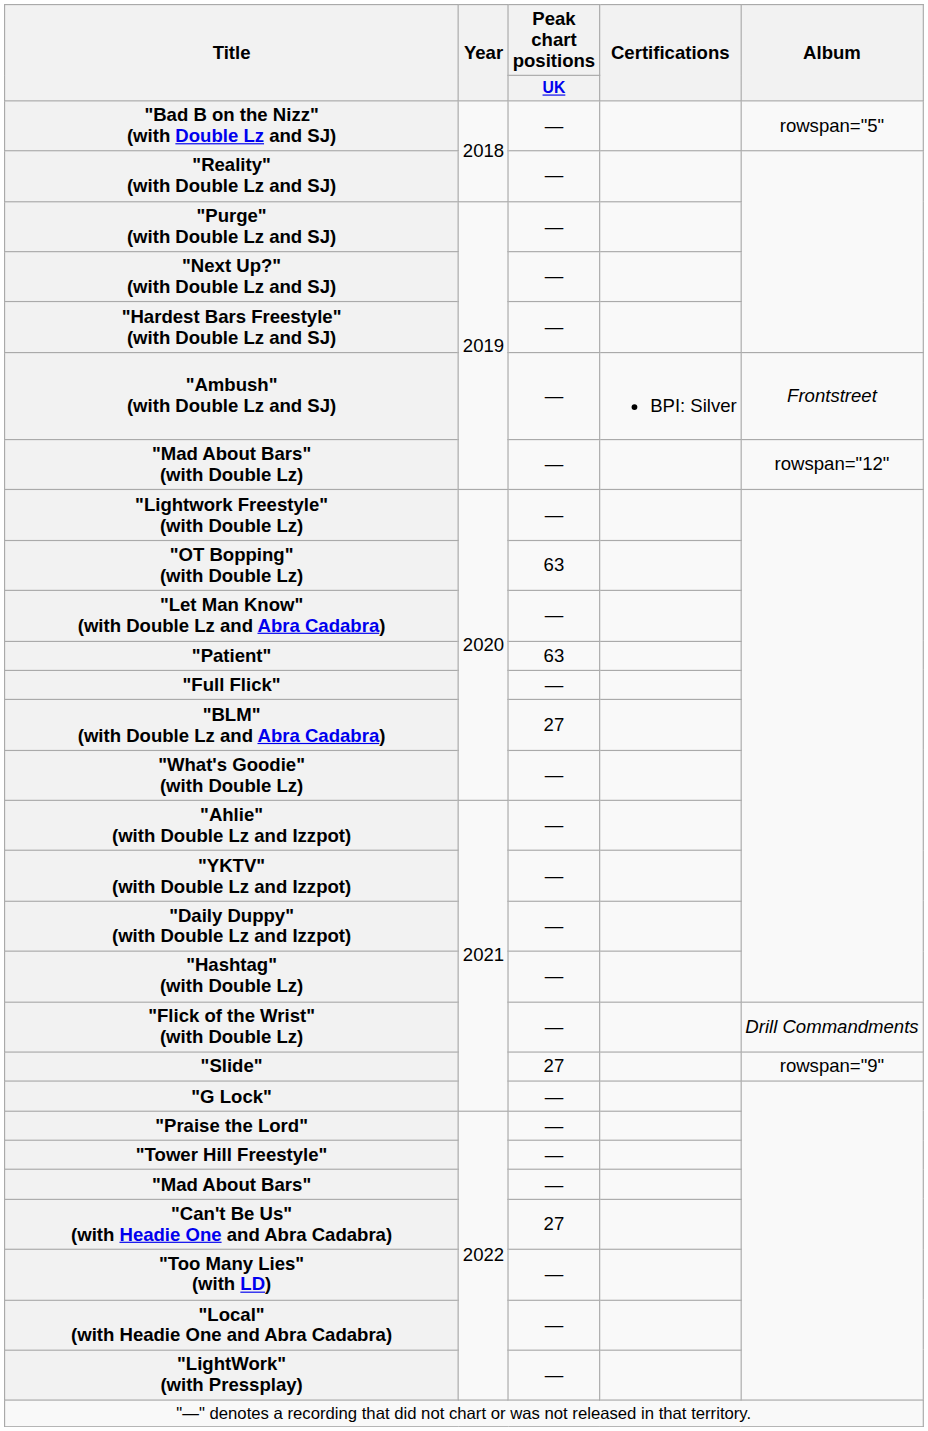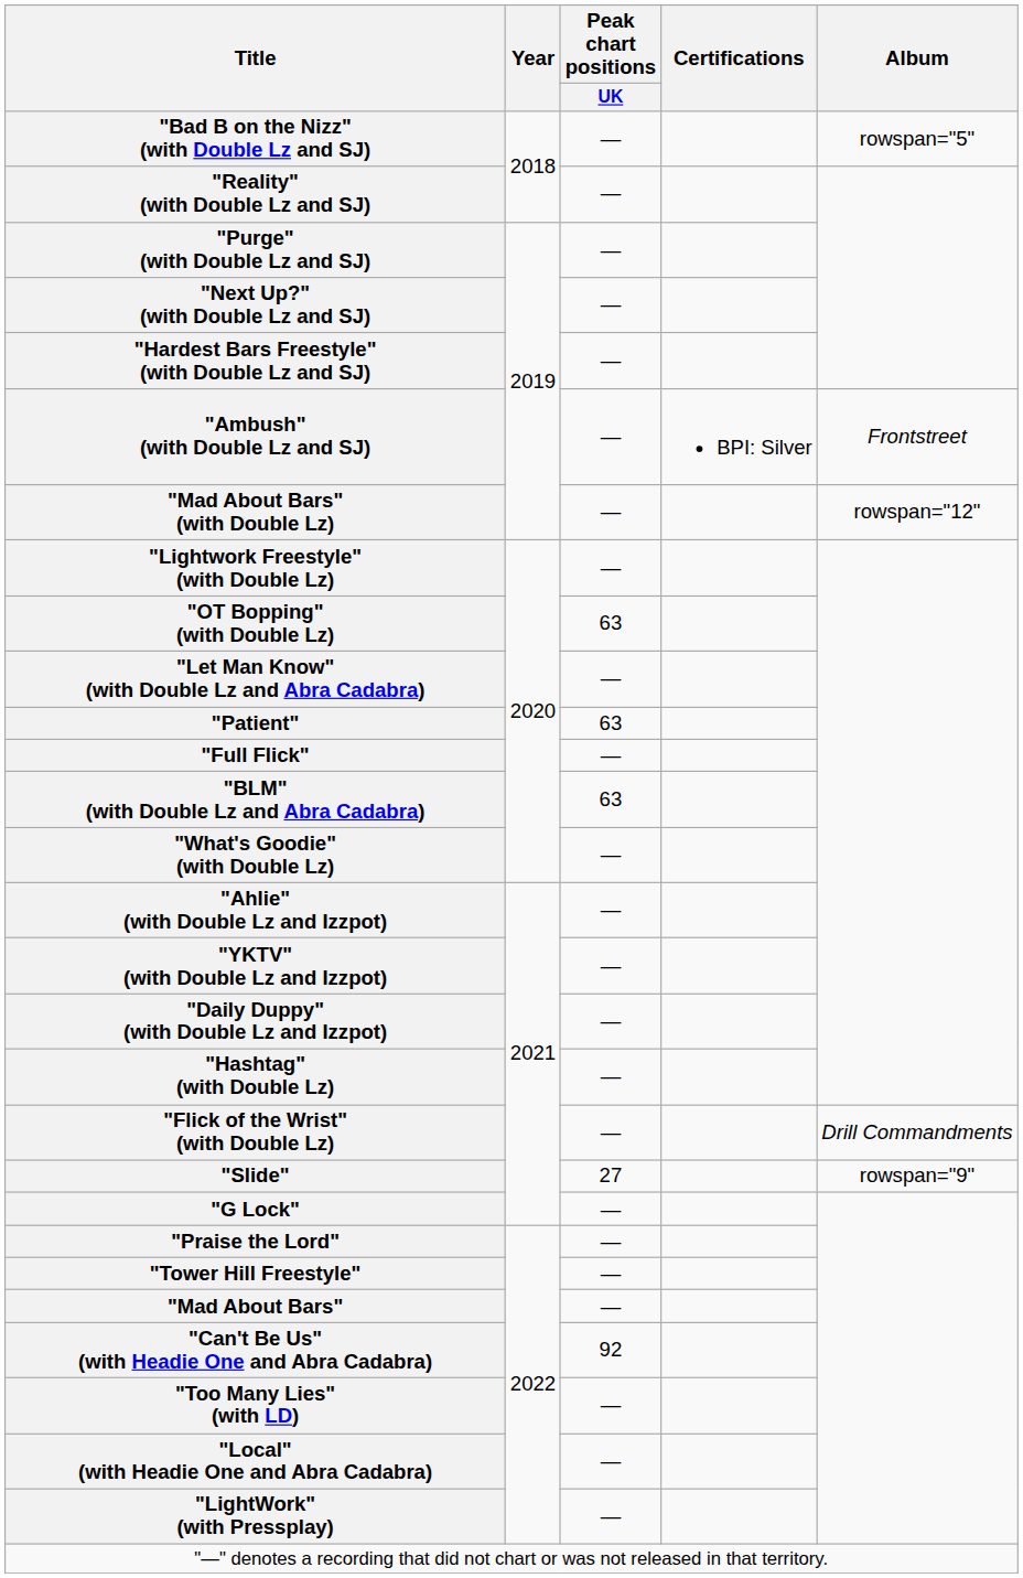 <table class="wikitable plainrowheaders" style="text-align:center;">
 <tr>
 <th scope="col" rowspan="2" style="width:24em;">Title</th>
 <th scope="col" rowspan="2" style="width:1em;">Year</th>
 <th scope="col" colspan="1">Peak chart positions</th>
 <th scope="col" rowspan="2">Certifications</th>
 <th scope="col" rowspan="2">Album</th>
 </tr>
 <tr>
 <th scope="col" style="width:3em;font-size:85%;"><a href='#'>UK</a><br></th>
 </tr>
 <tr>
 <th scope="row">"Bad B on the Nizz"<br><span>(with <a href='#'>Double Lz</a> and SJ)</span></th>
 <td rowspan="2">2018</td>
 <td>—</td>
 <td></td>
 <td>rowspan="5" </td>
 </tr>
 <tr>
 <th scope="row">"Reality"<br><span>(with Double Lz and SJ)</span></th>
 <td>—</td>
 <td></td>
 </tr>
 <tr>
 <th scope="row">"Purge"<br><span>(with Double Lz and SJ)</span></th>
 <td rowspan="5">2019</td>
 <td>—</td>
 <td></td>
 </tr>
 <tr>
 <th scope="row">"Next Up?"<br><span>(with Double Lz and SJ)</span></th>
 <td>—</td>
 <td></td>
 </tr>
 <tr>
 <th scope="row">"Hardest Bars Freestyle"<br><span>(with Double Lz and SJ)</span></th>
 <td>—</td>
 <td></td>
 </tr>
 <tr>
 <th scope="row">"Ambush"<br><span>(with Double Lz and SJ)</span></th>
 <td>—</td>
 <td><br><ul><li>BPI: Silver</li></ul></td>
 <td><em>Frontstreet</em></td>
 </tr>
 <tr>
 <th scope="row">"Mad About Bars"<br><span>(with Double Lz)</span></th>
 <td>—</td>
 <td></td>
 <td>rowspan="12" </td>
 </tr>
 <tr>
 <th scope="row">"Lightwork Freestyle"<br><span>(with Double Lz)</span></th>
 <td rowspan="7">2020</td>
 <td>—</td>
 <td></td>
 </tr>
 <tr>
 <th scope="row">"OT Bopping"<br><span>(with Double Lz)</span></th>
 <td>63</td>
 <td></td>
 </tr>
 <tr>
 <th scope="row">"Let Man Know"<br><span>(with Double Lz and <a href='#'>Abra Cadabra</a>)</span></th>
 <td>—</td>
 <td></td>
 </tr>
 <tr>
 <th scope="row">"Patient"</th>
 <td>63</td>
 <td></td>
 </tr>
 <tr>
 <th scope="row">"Full Flick"</th>
 <td>—</td>
 <td></td>
 </tr>
 <tr>
 <th scope="row">"BLM"<br><span>(with Double Lz and <a href='#'>Abra Cadabra</a>)</span></th>
-<td>27</td>
+<td>63</td>
 <td></td>
 </tr>
 <tr>
 <th scope="row">"What's Goodie"<br><span>(with Double Lz)</span></th>
 <td>—</td>
 <td></td>
 </tr>
 <tr>
 <th scope="row">"Ahlie"<br><span>(with Double Lz and Izzpot)</span></th>
 <td rowspan="7">2021</td>
 <td>—</td>
 <td></td>
 </tr>
 <tr>
 <th scope="row">"YKTV"<br><span>(with Double Lz and Izzpot)</span></th>
 <td>—</td>
 <td></td>
 </tr>
 <tr>
 <th scope="row">"Daily Duppy"<br><span>(with Double Lz and Izzpot)</span></th>
 <td>—</td>
 <td></td>
 </tr>
 <tr>
 <th scope="row">"Hashtag"<br><span>(with Double Lz)</span></th>
 <td>—</td>
 <td></td>
 </tr>
 <tr>
 <th scope="row">"Flick of the Wrist"<br><span>(with Double Lz)</span></th>
 <td>—</td>
 <td></td>
 <td><em>Drill Commandments</em></td>
 </tr>
 <tr>
 <th scope="row">"Slide"</th>
 <td>27</td>
 <td></td>
 <td>rowspan="9" </td>
 </tr>
 <tr>
 <th scope="row">"G Lock"</th>
 <td>—</td>
 <td></td>
 </tr>
 <tr>
 <th scope="row">"Praise the Lord"</th>
 <td rowspan="7">2022</td>
 <td>—</td>
 <td></td>
 </tr>
 <tr>
 <th scope="row">"Tower Hill Freestyle"</th>
 <td>—</td>
 <td></td>
 </tr>
 <tr>
 <th scope="row">"Mad About Bars"</th>
 <td>—</td>
 <td></td>
 </tr>
 <tr>
 <th scope="row">"Can't Be Us"<br><span>(with <a href='#'>Headie One</a> and Abra Cadabra)</span></th>
-<td>27</td>
+<td>92</td>
 <td></td>
 </tr>
 <tr>
 <th scope="row">"Too Many Lies"<br><span>(with <a href='#'>LD</a>)</span></th>
 <td>—</td>
 <td></td>
 </tr>
 <tr>
 <th scope="row">"Local"<br><span>(with Headie One and Abra Cadabra)</span></th>
 <td>—</td>
 <td></td>
 </tr>
 <tr>
 <th scope="row">"LightWork"<br><span>(with Pressplay)</span></th>
 <td>—</td>
 <td></td>
 </tr>
 <tr>
 <td colspan="6" style="font-size:90%">"—" denotes a recording that did not chart or was not released in that territory.</td>
 </tr>
 </table>
